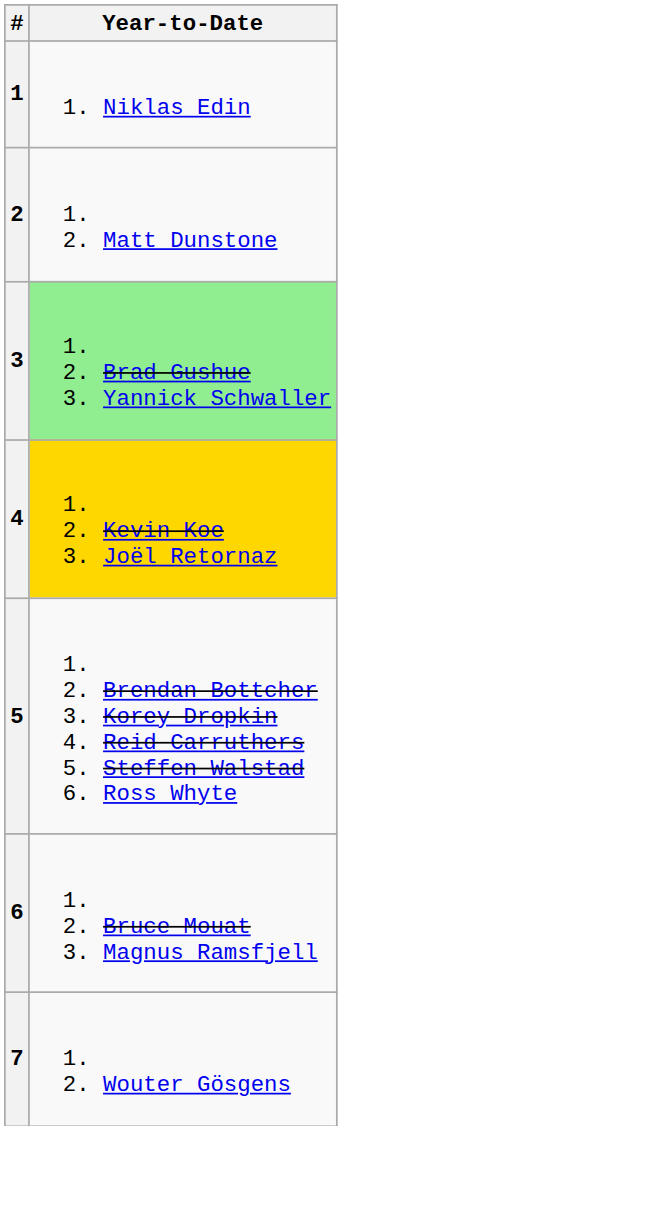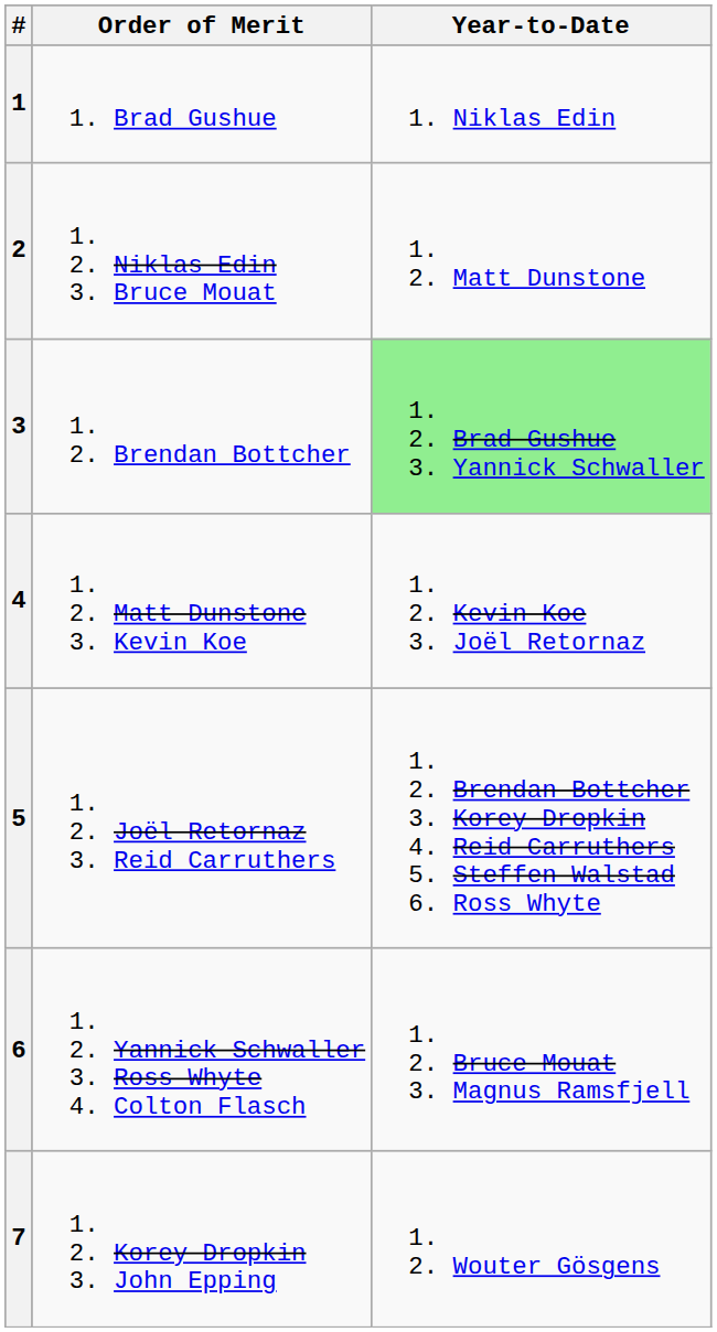 <table class=wikitable>
 <tr>
 <th>#</th>
+<th>Order of Merit</th>
 <th>Year-to-Date</th>
 </tr>
 <tr>
 <th>1</th>
+<td><br><ol><li> <a href='#'>Brad Gushue</a></li></ol></td>
 <td><br><ol><li> <a href='#'>Niklas Edin</a></li></ol></td>
 </tr>
 <tr>
 <th>2</th>
+<td><br><ol><li><li> <s><a href='#'>Niklas Edin</a></s></li><li> <a href='#'>Bruce Mouat</a></li></ol></td>
 <td><br><ol><li><li> <a href='#'>Matt Dunstone</a></li></ol></td>
 </tr>
 <tr>
 <th>3</th>
+<td><br><ol><li><li> <a href='#'>Brendan Bottcher</a></li></ol></td>
 <td style="background: lightgreen;"><br><ol><li><li> <s><a href='#'>Brad Gushue</a></s></li><li> <a href='#'>Yannick Schwaller</a></li></ol></td>
 </tr>
 <tr>
 <th>4</th>
-<td style="background: gold;"><br><ol><li><li><s> <a href='#'>Kevin Koe</a></s></li><li> <a href='#'>Joël Retornaz</a></li></ol></td>
+<td><br><ol><li><li> <s><a href='#'>Matt Dunstone</a></s></li><li> <a href='#'>Kevin Koe</a></li></ol></td>
+<td><br><ol><li><li><s> <a href='#'>Kevin Koe</a></s></li><li> <a href='#'>Joël Retornaz</a></li></ol></td>
 </tr>
 <tr>
 <th>5</th>
+<td><br><ol><li><li> <s><a href='#'>Joël Retornaz</a></s></li><li> <a href='#'>Reid Carruthers</a></li></ol></td>
 <td><br><ol><li><li> <s><a href='#'>Brendan Bottcher</a></s></li><li> <s><a href='#'>Korey Dropkin</a></s></li><li> <s><a href='#'>Reid Carruthers</a></s></li><li> <s><a href='#'>Steffen Walstad</a></s></li><li> <a href='#'>Ross Whyte</a></li></ol></td>
 </tr>
 <tr>
 <th>6</th>
+<td><br><ol><li><li> <s><a href='#'>Yannick Schwaller</a></s></li><li> <s><a href='#'>Ross Whyte</a></s></li><li> <a href='#'>Colton Flasch</a></li></ol></td>
 <td><br><ol><li><li> <s><a href='#'>Bruce Mouat</a></s></li><li> <a href='#'>Magnus Ramsfjell</a></li></ol></td>
 </tr>
 <tr>
 <th>7</th>
+<td><br><ol><li><li> <s><a href='#'>Korey Dropkin</a></s></li><li> <a href='#'>John Epping</a></li></ol></td>
 <td><br><ol><li><li> <a href='#'>Wouter Gösgens</a></li></ol></td>
 </tr>
 </table>
